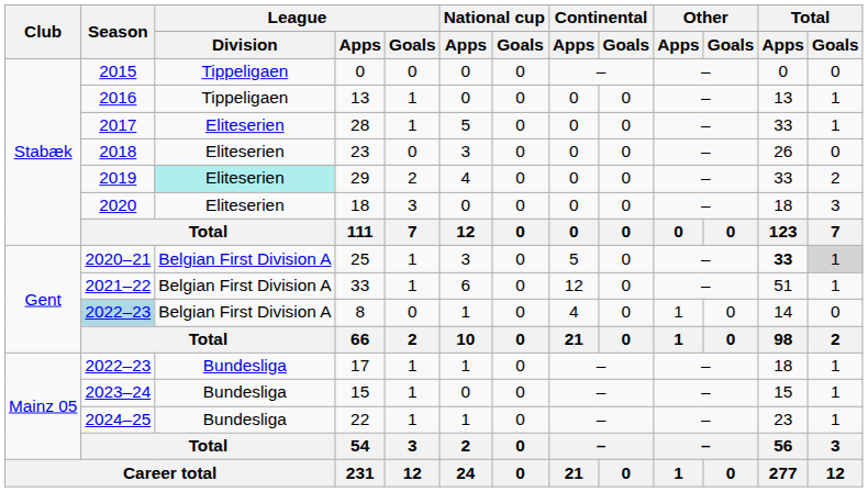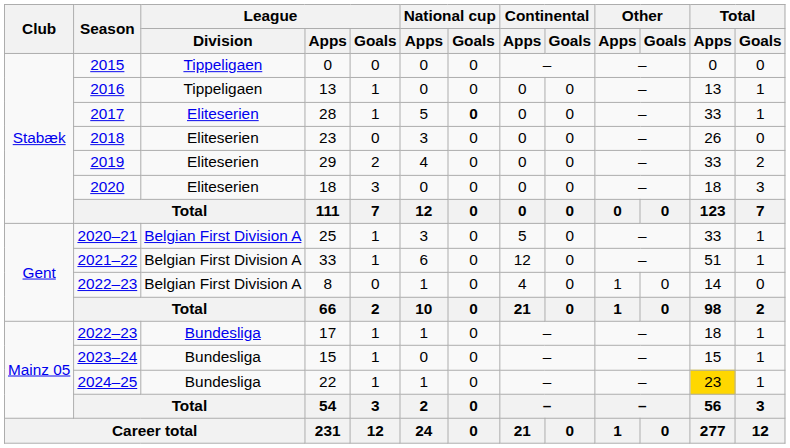 <table class="wikitable" style="text-align: center;">
 <tr>
 <th rowspan="2">Club</th>
 <th rowspan="2">Season</th>
 <th colspan="3">League</th>
 <th colspan="2">National cup</th>
 <th colspan="2">Continental</th>
 <th colspan="2">Other</th>
 <th colspan="2">Total</th>
 </tr>
 <tr>
 <th>Division</th>
 <th>Apps</th>
 <th>Goals</th>
 <th>Apps</th>
 <th>Goals</th>
 <th>Apps</th>
 <th>Goals</th>
 <th>Apps</th>
 <th>Goals</th>
 <th>Apps</th>
 <th>Goals</th>
 </tr>
 <tr>
 <td rowspan="7"><a href='#'>Stabæk</a></td>
 <td><a href='#'>2015</a></td>
 <td><a href='#'>Tippeligaen</a></td>
 <td>0</td>
 <td>0</td>
 <td>0</td>
 <td>0</td>
 <td colspan="2">–</td>
 <td colspan="2">–</td>
 <td>0</td>
 <td>0</td>
 </tr>
 <tr>
 <td><a href='#'>2016</a></td>
 <td>Tippeligaen</td>
 <td>13</td>
 <td>1</td>
 <td>0</td>
 <td>0</td>
 <td>0</td>
 <td>0</td>
 <td colspan="2">–</td>
 <td>13</td>
 <td>1</td>
 </tr>
 <tr>
 <td><a href='#'>2017</a></td>
 <td><a href='#'>Eliteserien</a></td>
 <td>28</td>
 <td>1</td>
 <td>5</td>
-<td>0</td>
+<td><strong>0</strong></td>
 <td>0</td>
 <td>0</td>
 <td colspan="2">–</td>
 <td>33</td>
 <td>1</td>
 </tr>
 <tr>
 <td><a href='#'>2018</a></td>
 <td>Eliteserien</td>
 <td>23</td>
 <td>0</td>
 <td>3</td>
 <td>0</td>
 <td>0</td>
 <td>0</td>
 <td colspan="2">–</td>
 <td>26</td>
 <td>0</td>
 </tr>
 <tr>
 <td><a href='#'>2019</a></td>
-<td style="background: paleturquoise;">Eliteserien</td>
+<td>Eliteserien</td>
 <td>29</td>
 <td>2</td>
 <td>4</td>
 <td>0</td>
 <td>0</td>
 <td>0</td>
 <td colspan="2">–</td>
 <td>33</td>
 <td>2</td>
 </tr>
 <tr>
 <td><a href='#'>2020</a></td>
 <td>Eliteserien</td>
 <td>18</td>
 <td>3</td>
 <td>0</td>
 <td>0</td>
 <td>0</td>
 <td>0</td>
 <td colspan="2">–</td>
 <td>18</td>
 <td>3</td>
 </tr>
 <tr>
 <th colspan="2">Total</th>
 <th>111</th>
 <th>7</th>
 <th>12</th>
 <th>0</th>
 <th>0</th>
 <th>0</th>
 <th>0</th>
 <th>0</th>
 <th>123</th>
 <th>7</th>
 </tr>
 <tr>
 <td rowspan="4"><a href='#'>Gent</a></td>
 <td><a href='#'>2020–21</a></td>
 <td><a href='#'>Belgian First Division A</a></td>
 <td>25</td>
 <td>1</td>
 <td>3</td>
 <td>0</td>
 <td>5</td>
 <td>0</td>
 <td colspan="2">–</td>
-<td><strong>33</strong></td>
-<td style="background: lightgrey;">1</td>
+<td>33</td>
+<td>1</td>
 </tr>
 <tr>
 <td><a href='#'>2021–22</a></td>
 <td>Belgian First Division A</td>
 <td>33</td>
 <td>1</td>
 <td>6</td>
 <td>0</td>
 <td>12</td>
 <td>0</td>
 <td colspan="2">–</td>
 <td>51</td>
 <td>1</td>
 </tr>
 <tr>
-<td style="background: lightblue;"><a href='#'>2022–23</a></td>
+<td><a href='#'>2022–23</a></td>
 <td>Belgian First Division A</td>
 <td>8</td>
 <td>0</td>
 <td>1</td>
 <td>0</td>
 <td>4</td>
 <td>0</td>
 <td>1</td>
 <td>0</td>
 <td>14</td>
 <td>0</td>
 </tr>
 <tr>
 <th colspan="2">Total</th>
 <th>66</th>
 <th>2</th>
 <th>10</th>
 <th>0</th>
 <th>21</th>
 <th>0</th>
 <th>1</th>
 <th>0</th>
 <th>98</th>
 <th>2</th>
 </tr>
 <tr>
 <td rowspan="4"><a href='#'>Mainz 05</a></td>
 <td><a href='#'>2022–23</a></td>
 <td><a href='#'>Bundesliga</a></td>
 <td>17</td>
 <td>1</td>
 <td>1</td>
 <td>0</td>
 <td colspan="2">–</td>
 <td colspan="2">–</td>
 <td>18</td>
 <td>1</td>
 </tr>
 <tr>
 <td><a href='#'>2023–24</a></td>
 <td>Bundesliga</td>
 <td>15</td>
 <td>1</td>
 <td>0</td>
 <td>0</td>
 <td colspan="2">–</td>
 <td colspan="2">–</td>
 <td>15</td>
 <td>1</td>
 </tr>
 <tr>
 <td><a href='#'>2024–25</a></td>
 <td>Bundesliga</td>
 <td>22</td>
 <td>1</td>
 <td>1</td>
 <td>0</td>
 <td colspan="2">–</td>
 <td colspan="2">–</td>
-<td>23</td>
+<td style="background: gold;">23</td>
 <td>1</td>
 </tr>
 <tr>
 <th colspan="2">Total</th>
 <th>54</th>
 <th>3</th>
 <th>2</th>
 <th>0</th>
 <th colspan="2">–</th>
 <th colspan="2">–</th>
 <th>56</th>
 <th>3</th>
 </tr>
 <tr>
 <th colspan="3">Career total</th>
 <th>231</th>
 <th>12</th>
 <th>24</th>
 <th>0</th>
 <th>21</th>
 <th>0</th>
 <th>1</th>
 <th>0</th>
 <th>277</th>
 <th>12</th>
 </tr>
 </table>
